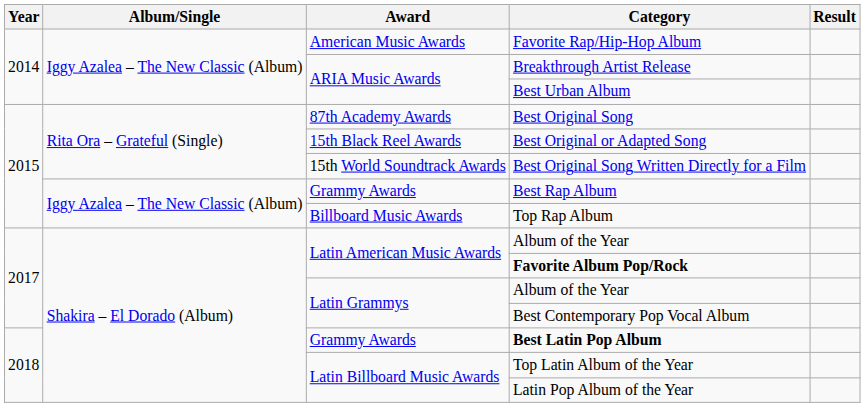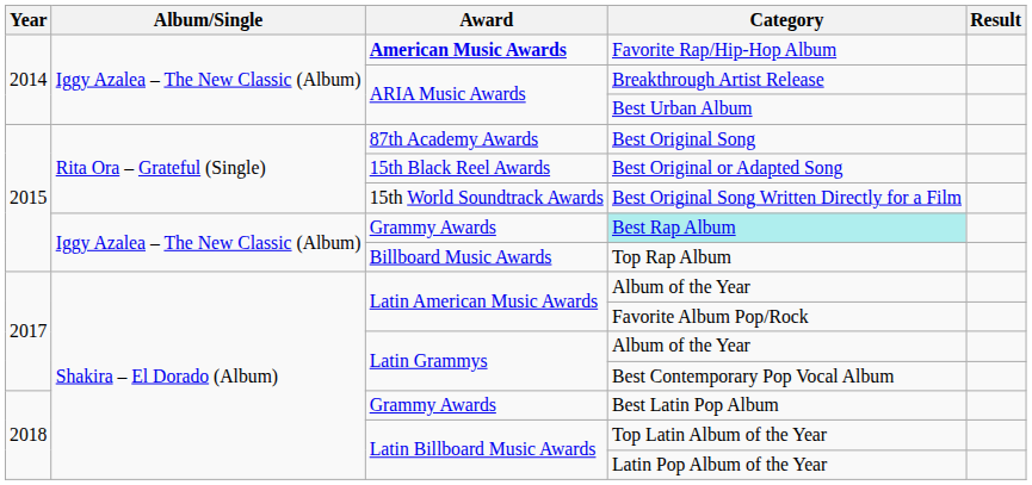 <table class="wikitable sortable">
 <tr>
 <th>Year</th>
 <th>Album/Single</th>
 <th>Award</th>
 <th>Category</th>
 <th>Result</th>
 </tr>
 <tr>
 <td rowspan="3">2014</td>
 <td rowspan="3"><a href='#'>Iggy Azalea</a> – <a href='#'>The New Classic</a> (Album)</td>
-<td><a href='#'>American Music Awards</a></td>
+<td><strong><a href='#'>American Music Awards</a></strong></td>
 <td><a href='#'>Favorite Rap/Hip-Hop Album</a></td>
 <td></td>
 </tr>
 <tr>
 <td rowspan="2"><a href='#'>ARIA Music Awards</a></td>
 <td><a href='#'>Breakthrough Artist Release</a></td>
 <td></td>
 </tr>
 <tr>
 <td><a href='#'>Best Urban Album</a></td>
 <td></td>
 </tr>
 <tr>
 <td rowspan="5">2015</td>
 <td rowspan="3"><a href='#'>Rita Ora</a> – <a href='#'>Grateful</a> (Single)</td>
 <td><a href='#'>87th Academy Awards</a></td>
 <td><a href='#'>Best Original Song</a></td>
 <td></td>
 </tr>
 <tr>
 <td><a href='#'>15th Black Reel Awards</a></td>
 <td><a href='#'>Best Original or Adapted Song</a></td>
 <td></td>
 </tr>
 <tr>
 <td>15th <a href='#'>World Soundtrack Awards</a></td>
 <td><a href='#'>Best Original Song Written Directly for a Film</a></td>
 <td></td>
 </tr>
 <tr>
 <td rowspan="2"><a href='#'>Iggy Azalea</a> – <a href='#'>The New Classic</a> (Album)</td>
 <td><a href='#'>Grammy Awards</a></td>
-<td><a href='#'>Best Rap Album</a></td>
+<td style="background: paleturquoise;"><a href='#'>Best Rap Album</a></td>
 <td></td>
 </tr>
 <tr>
 <td><a href='#'>Billboard Music Awards</a></td>
 <td>Top Rap Album</td>
 <td></td>
 </tr>
 <tr>
 <td rowspan="4">2017</td>
 <td rowspan="7"><a href='#'>Shakira</a> – <a href='#'>El Dorado</a> (Album)</td>
 <td rowspan="2"><a href='#'>Latin American Music Awards</a></td>
 <td>Album of the Year</td>
 <td></td>
 </tr>
 <tr>
-<td><strong>Favorite Album Pop/Rock</strong></td>
+<td>Favorite Album Pop/Rock</td>
 <td></td>
 </tr>
 <tr>
 <td rowspan="2"><a href='#'>Latin Grammys</a></td>
 <td>Album of the Year</td>
 <td></td>
 </tr>
 <tr>
 <td>Best Contemporary Pop Vocal Album</td>
 <td></td>
 </tr>
 <tr>
 <td rowspan="3">2018</td>
 <td><a href='#'>Grammy Awards</a></td>
-<td><strong>Best Latin Pop Album</strong></td>
+<td>Best Latin Pop Album</td>
 <td></td>
 </tr>
 <tr>
 <td rowspan="2"><a href='#'>Latin Billboard Music Awards</a></td>
 <td>Top Latin Album of the Year</td>
 <td></td>
 </tr>
 <tr>
 <td>Latin Pop Album of the Year</td>
 <td></td>
 </tr>
 </table>
